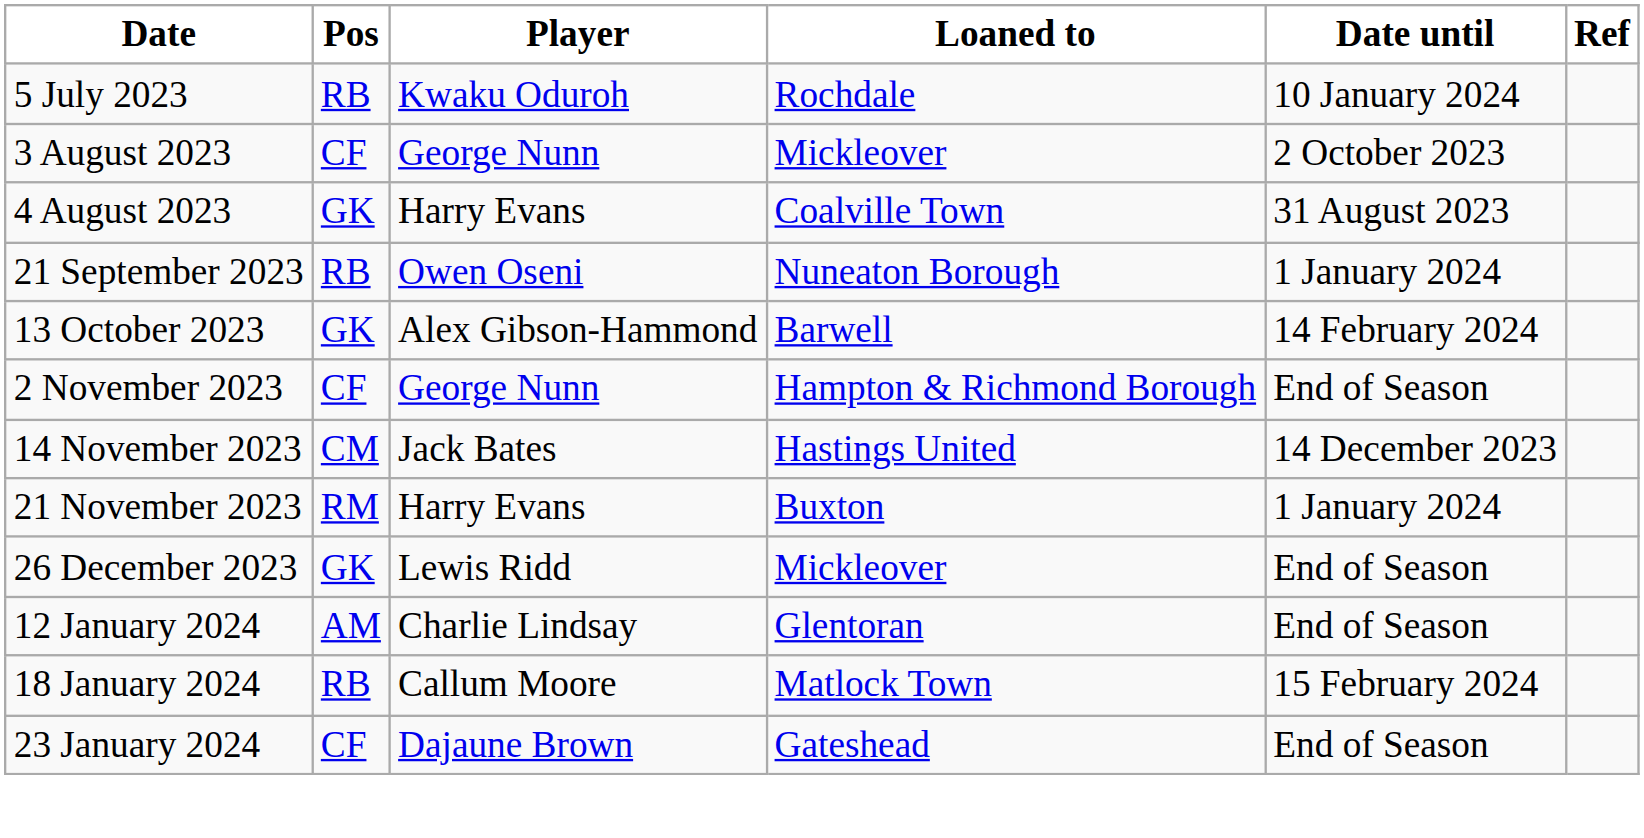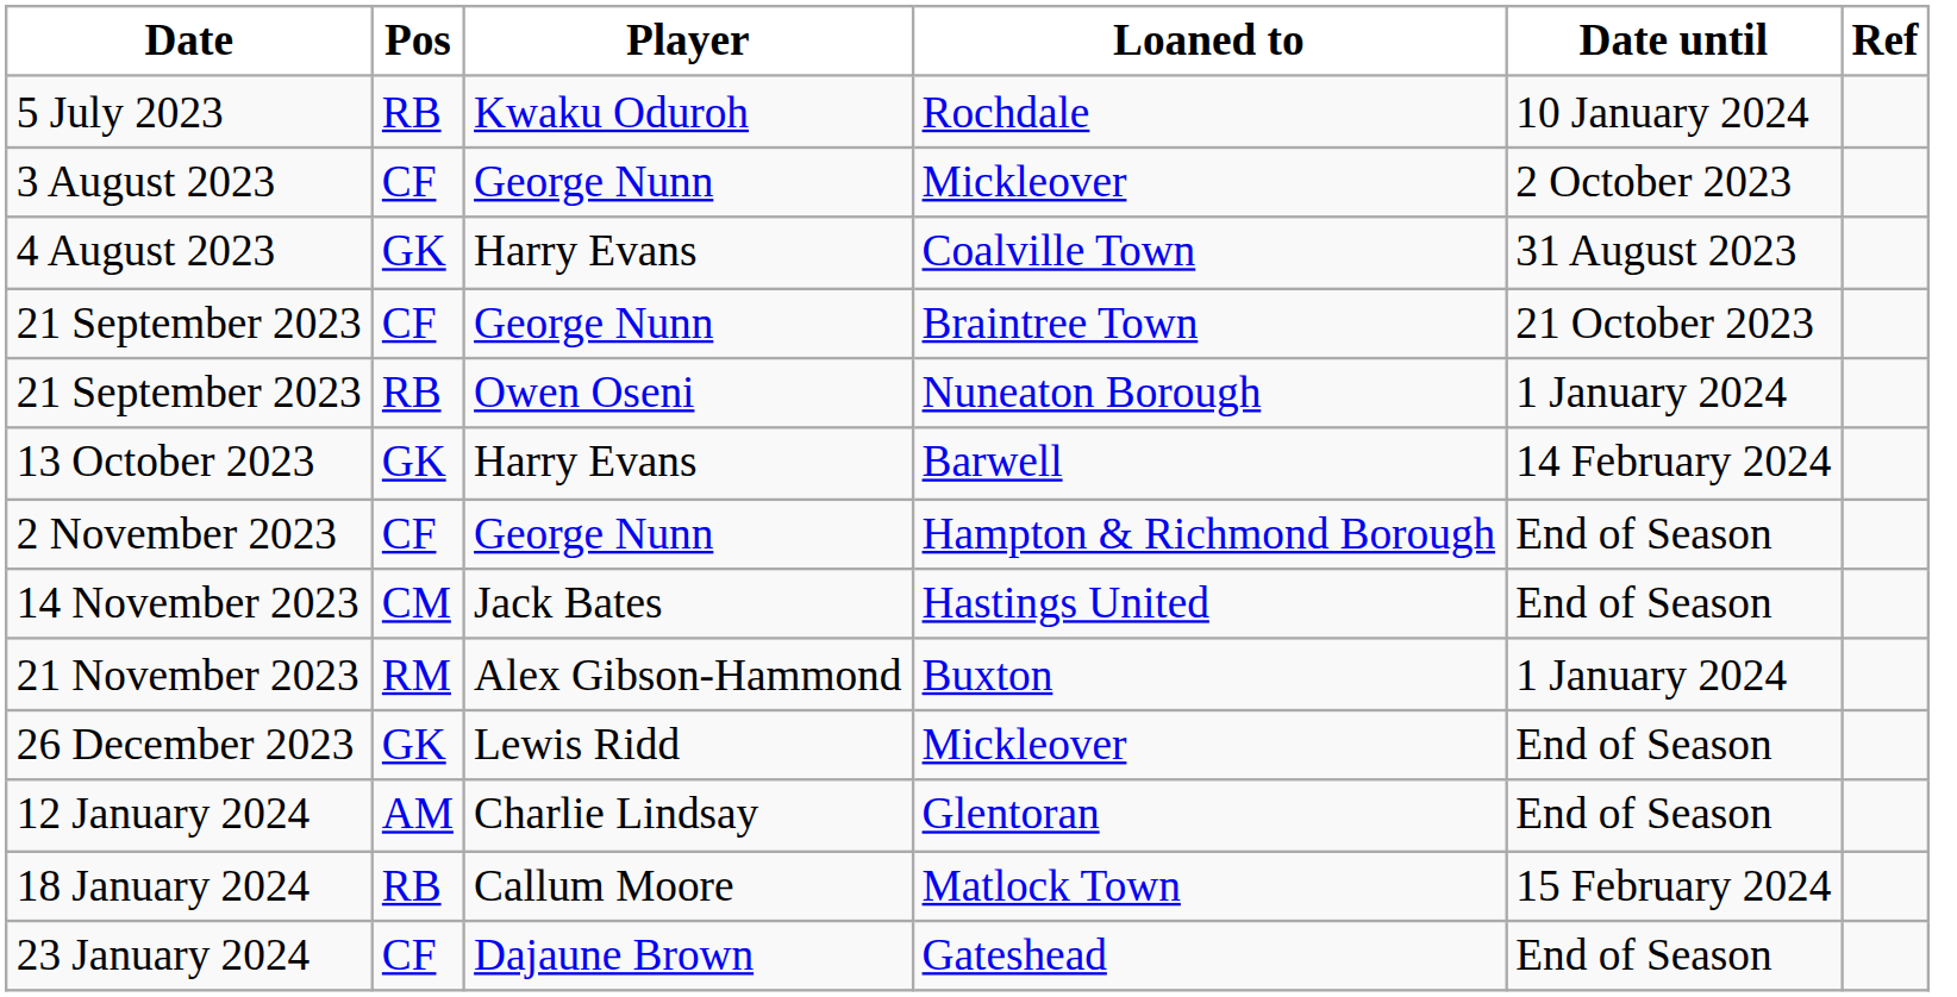 <table class="wikitable plainrowheaders sortable">
 <tr>
 <th style="color:#000000; background:#ffffff; ">Date</th>
 <th style="color:#000000; background:#ffffff; ">Pos</th>
 <th style="color:#000000; background:#ffffff; ">Player</th>
 <th style="color:#000000; background:#ffffff; ">Loaned to</th>
 <th style="color:#000000; background:#ffffff; ">Date until</th>
 <th style="color:#000000; background:#ffffff; ">Ref</th>
 </tr>
 <tr>
 <td>5 July 2023</td>
 <td><a href='#'>RB</a></td>
 <td> <a href='#'>Kwaku Oduroh</a></td>
 <td> <a href='#'>Rochdale</a></td>
 <td>10 January 2024</td>
 <td></td>
 </tr>
 <tr>
 <td>3 August 2023</td>
 <td><a href='#'>CF</a></td>
 <td> <a href='#'>George Nunn</a></td>
 <td> <a href='#'>Mickleover</a></td>
 <td>2 October 2023</td>
 <td></td>
 </tr>
 <tr>
 <td>4 August 2023</td>
 <td><a href='#'>GK</a></td>
 <td> Harry Evans</td>
 <td> <a href='#'>Coalville Town</a></td>
 <td>31 August 2023</td>
 <td></td>
 </tr>
 <tr>
 <td>21 September 2023</td>
+<td><a href='#'>CF</a></td>
+<td> <a href='#'>George Nunn</a></td>
+<td> <a href='#'>Braintree Town</a></td>
+<td>21 October 2023</td>
+<td></td>
+</tr>
+<tr>
+<td>21 September 2023</td>
 <td><a href='#'>RB</a></td>
 <td> <a href='#'>Owen Oseni</a></td>
 <td> <a href='#'>Nuneaton Borough</a></td>
 <td>1 January 2024</td>
 <td></td>
 </tr>
 <tr>
 <td>13 October 2023</td>
 <td><a href='#'>GK</a></td>
-<td> Alex Gibson-Hammond</td>
+<td> Harry Evans</td>
 <td> <a href='#'>Barwell</a></td>
 <td>14 February 2024</td>
 <td></td>
 </tr>
 <tr>
 <td>2 November 2023</td>
 <td><a href='#'>CF</a></td>
 <td> <a href='#'>George Nunn</a></td>
 <td> <a href='#'>Hampton & Richmond Borough</a></td>
 <td>End of Season</td>
 <td></td>
 </tr>
 <tr>
 <td>14 November 2023</td>
 <td><a href='#'>CM</a></td>
 <td> Jack Bates</td>
 <td> <a href='#'>Hastings United</a></td>
-<td>14 December 2023</td>
+<td>End of Season</td>
 <td></td>
 </tr>
 <tr>
 <td>21 November 2023</td>
 <td><a href='#'>RM</a></td>
-<td> Harry Evans</td>
+<td> Alex Gibson-Hammond</td>
 <td> <a href='#'>Buxton</a></td>
 <td>1 January 2024</td>
 <td></td>
 </tr>
 <tr>
 <td>26 December 2023</td>
 <td><a href='#'>GK</a></td>
 <td> Lewis Ridd</td>
 <td> <a href='#'>Mickleover</a></td>
 <td>End of Season</td>
 <td></td>
 </tr>
 <tr>
 <td>12 January 2024</td>
 <td><a href='#'>AM</a></td>
 <td> Charlie Lindsay</td>
 <td> <a href='#'>Glentoran</a></td>
 <td>End of Season</td>
 <td></td>
 </tr>
 <tr>
 <td>18 January 2024</td>
 <td><a href='#'>RB</a></td>
 <td> Callum Moore</td>
 <td> <a href='#'>Matlock Town</a></td>
 <td>15 February 2024</td>
 <td></td>
 </tr>
 <tr>
 <td>23 January 2024</td>
 <td><a href='#'>CF</a></td>
 <td> <a href='#'>Dajaune Brown</a></td>
 <td> <a href='#'>Gateshead</a></td>
 <td>End of Season</td>
 <td></td>
 </tr>
 </table>
